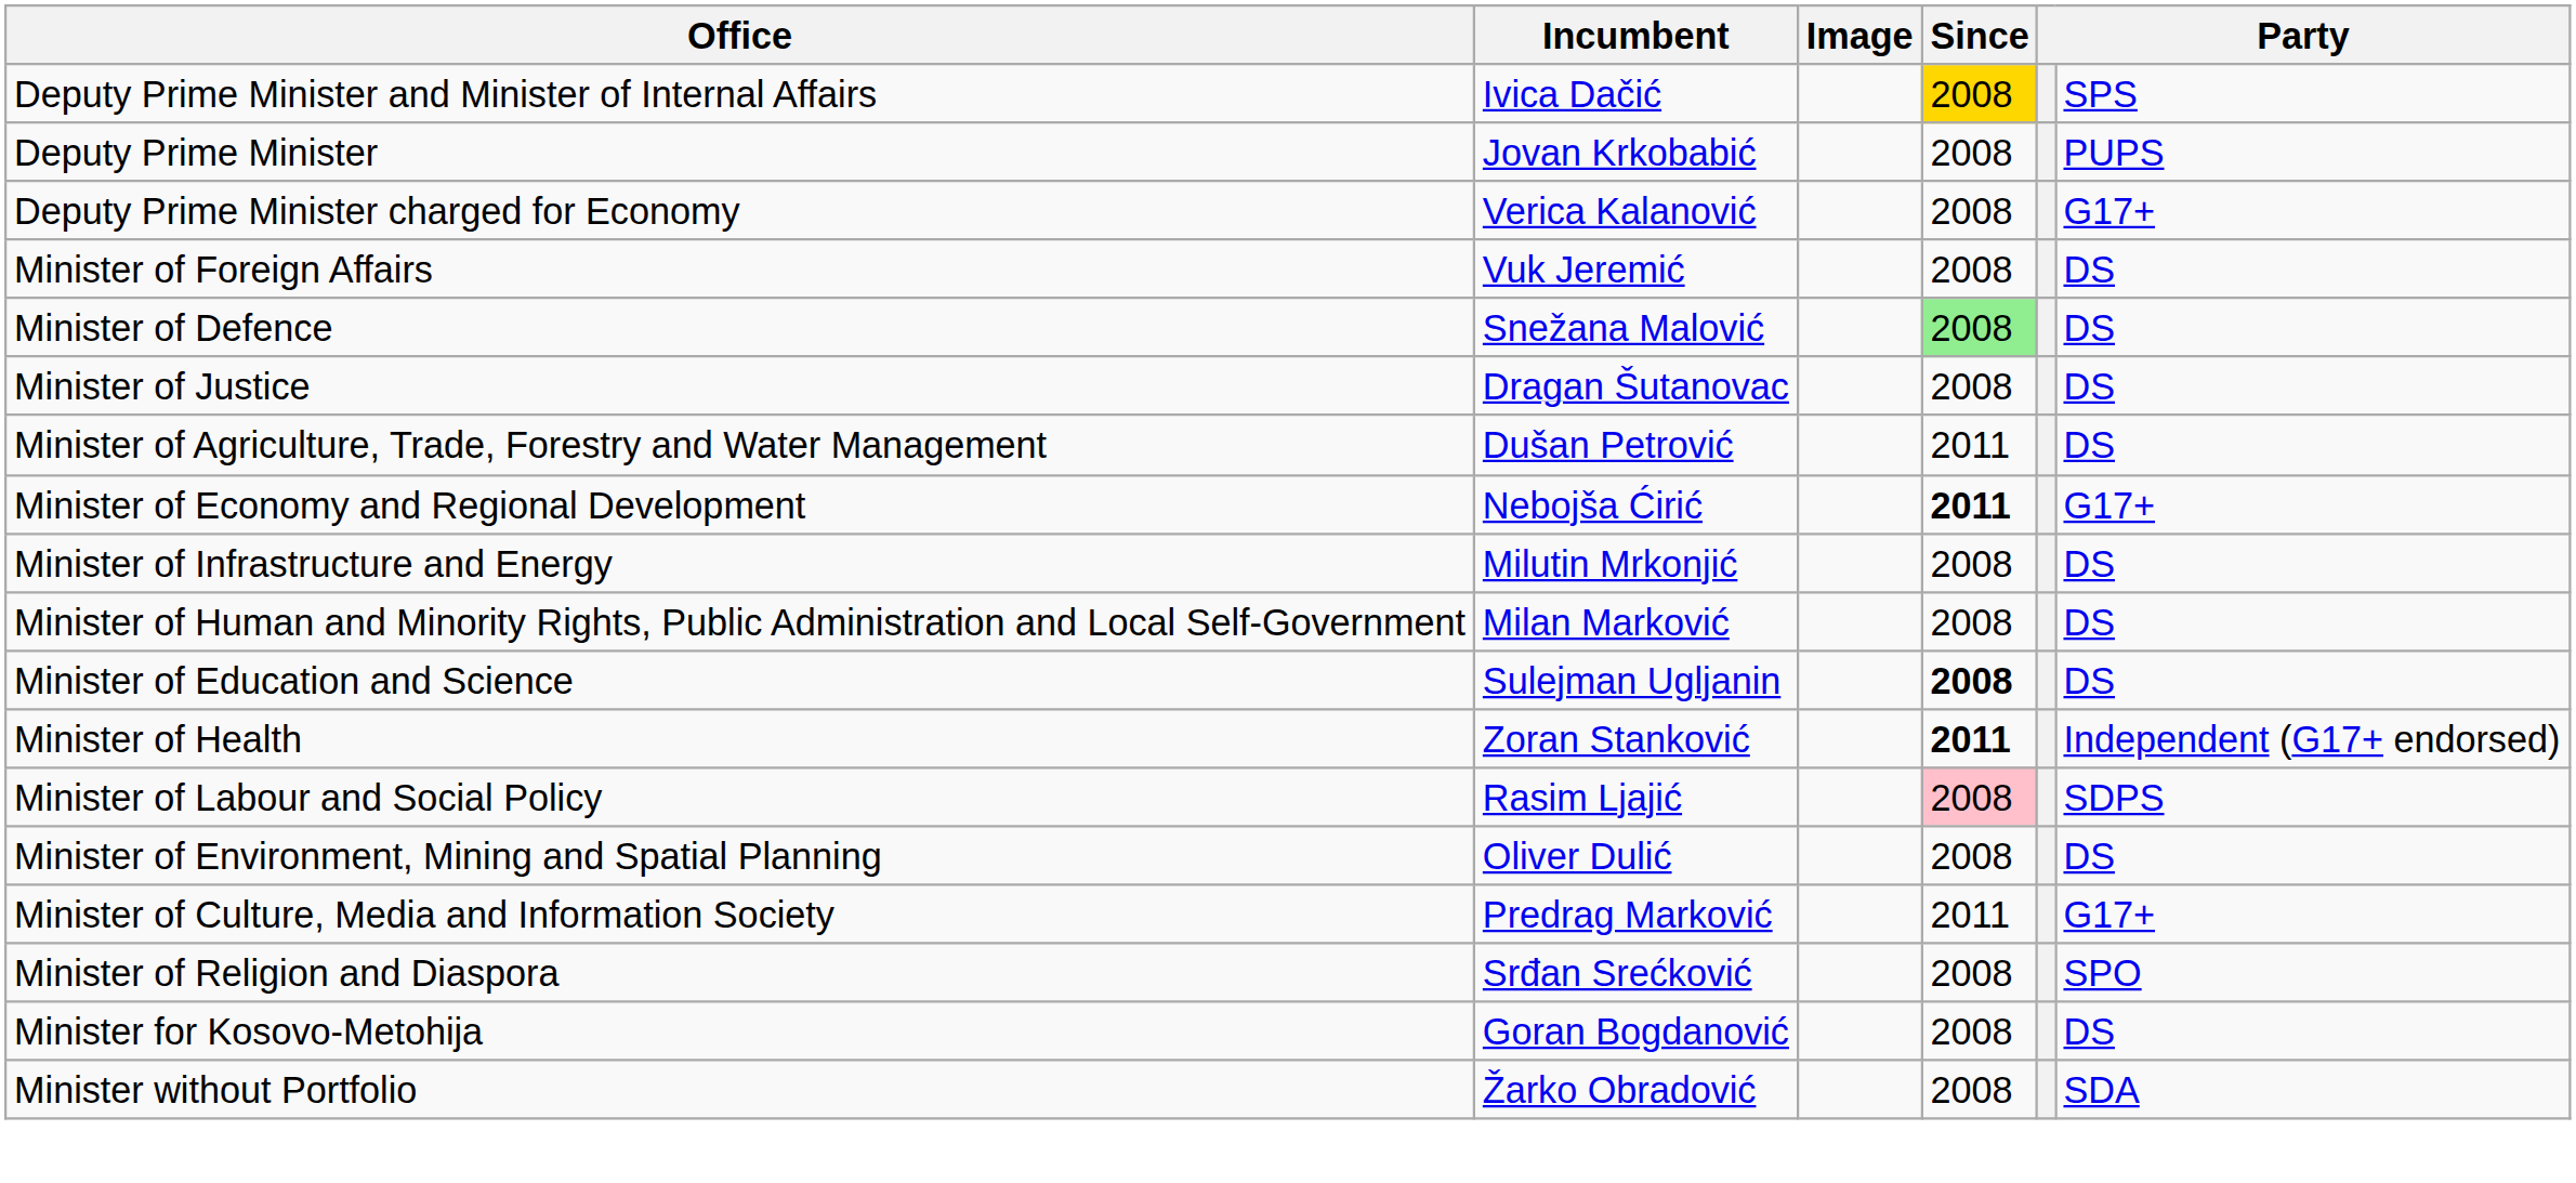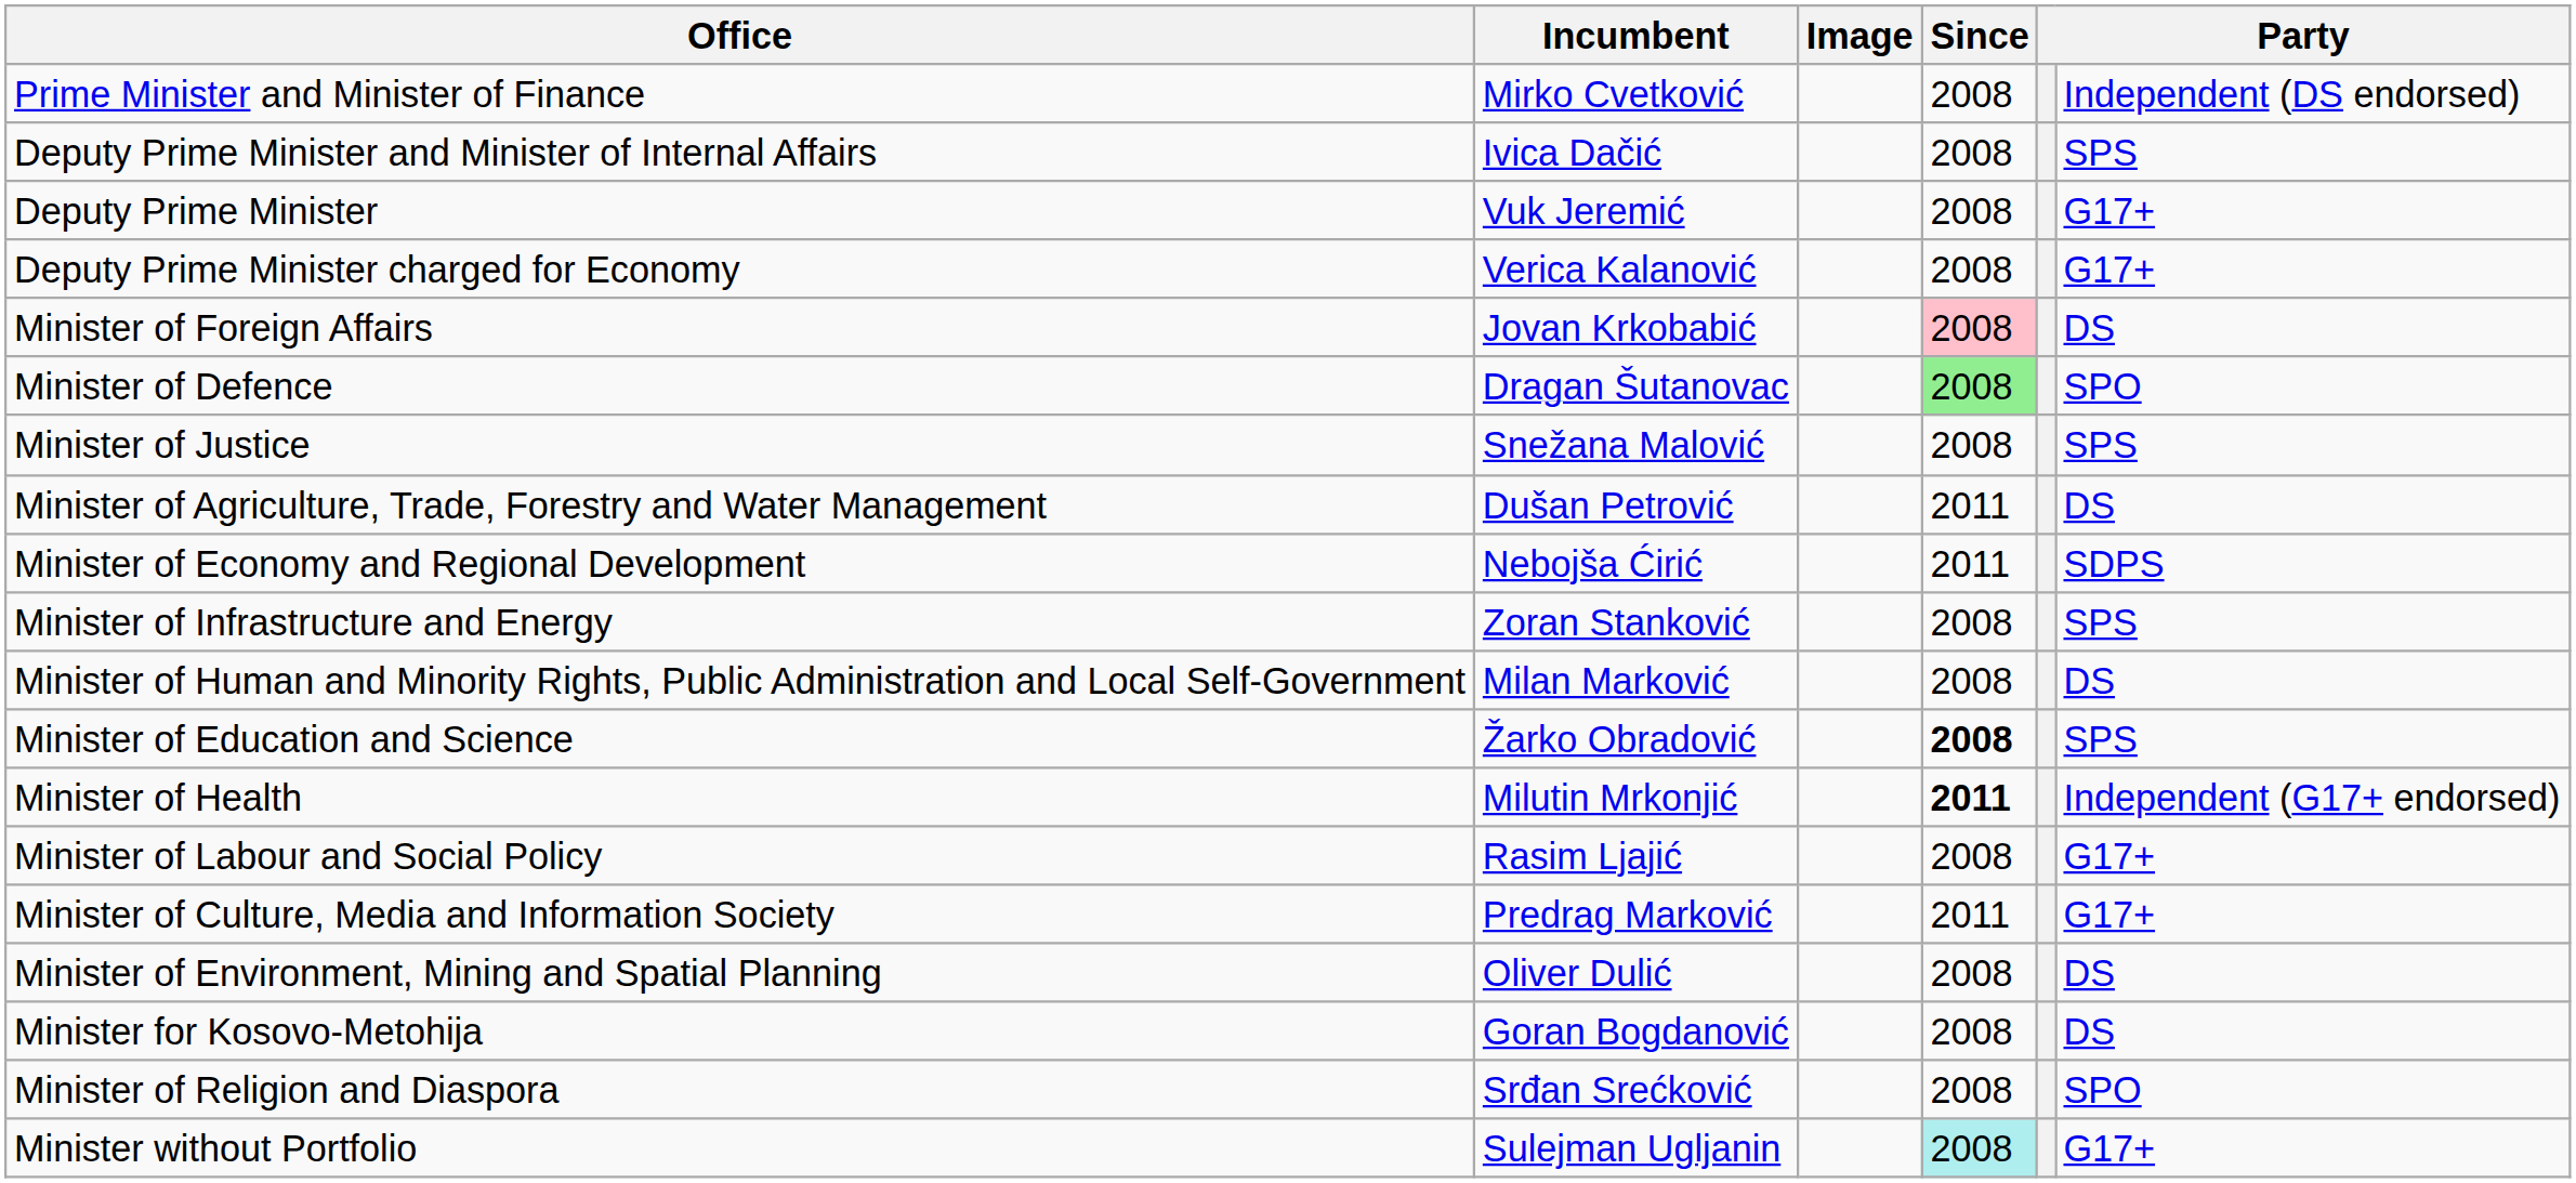 <table class="wikitable" style="font-size: 95%;">
 <tr>
 <th>Office</th>
 <th>Incumbent</th>
 <th>Image</th>
 <th>Since</th>
 <th colspan=2 bgcolor="#CCCCCC">Party</th>
 </tr>
 <tr>
+<td><a href='#'>Prime Minister</a> and Minister of Finance</td>
+<td><a href='#'>Mirko Cvetković</a></td>
+<td></td>
+<td>2008</td>
+<th style="background:"></th>
+<td><a href='#'>Independent</a> (<a href='#'>DS</a> endorsed)</td>
+</tr>
+<tr>
 <td>Deputy Prime Minister and Minister of Internal Affairs</td>
 <td><a href='#'>Ivica Dačić</a></td>
 <td></td>
-<td style="background: gold;">2008</td>
+<td>2008</td>
 <th style="background:"></th>
 <td><a href='#'>SPS</a></td>
 </tr>
 <tr>
 <td>Deputy Prime Minister</td>
-<td><a href='#'>Jovan Krkobabić</a></td>
+<td><a href='#'>Vuk Jeremić</a></td>
 <td></td>
 <td>2008</td>
 <th style="background:"></th>
-<td><a href='#'>PUPS</a></td>
+<td><a href='#'>G17+</a></td>
 </tr>
 <tr>
 <td>Deputy Prime Minister charged for Economy</td>
 <td><a href='#'>Verica Kalanović</a></td>
 <td></td>
 <td>2008</td>
 <th style="background:"></th>
 <td><a href='#'>G17+</a></td>
 </tr>
 <tr>
 <td>Minister of Foreign Affairs</td>
-<td><a href='#'>Vuk Jeremić</a></td>
+<td><a href='#'>Jovan Krkobabić</a></td>
 <td></td>
-<td>2008</td>
+<td style="background: pink;">2008</td>
 <th style="background:"></th>
 <td><a href='#'>DS</a></td>
 </tr>
 <tr>
 <td>Minister of Defence</td>
-<td><a href='#'>Snežana Malović</a></td>
+<td><a href='#'>Dragan Šutanovac</a></td>
 <td></td>
 <td style="background: lightgreen;">2008</td>
 <th style="background:"></th>
-<td><a href='#'>DS</a></td>
+<td><a href='#'>SPO</a></td>
 </tr>
 <tr>
 <td>Minister of Justice</td>
-<td><a href='#'>Dragan Šutanovac</a></td>
+<td><a href='#'>Snežana Malović</a></td>
 <td></td>
 <td>2008</td>
 <th style="background:"></th>
-<td><a href='#'>DS</a></td>
+<td><a href='#'>SPS</a></td>
 </tr>
 <tr>
 <td>Minister of Agriculture, Trade, Forestry and Water Management</td>
 <td><a href='#'>Dušan Petrović</a></td>
 <td></td>
 <td>2011</td>
 <th style="background:"></th>
 <td><a href='#'>DS</a></td>
 </tr>
 <tr>
 <td>Minister of Economy and Regional Development</td>
 <td><a href='#'>Nebojša Ćirić</a></td>
 <td></td>
-<td><strong>2011</strong></td>
+<td>2011</td>
 <th style="background:"></th>
-<td><a href='#'>G17+</a></td>
+<td><a href='#'>SDPS</a></td>
 </tr>
 <tr>
 <td>Minister of Infrastructure and Energy</td>
-<td><a href='#'>Milutin Mrkonjić</a></td>
+<td><a href='#'>Zoran Stanković</a></td>
 <td></td>
 <td>2008</td>
 <th style="background:"></th>
-<td><a href='#'>DS</a></td>
+<td><a href='#'>SPS</a></td>
 </tr>
 <tr>
 <td>Minister of Human and Minority Rights, Public Administration and Local Self-Government</td>
 <td><a href='#'>Milan Marković</a></td>
 <td></td>
 <td>2008</td>
 <th style="background:"></th>
 <td><a href='#'>DS</a></td>
 </tr>
 <tr>
 <td>Minister of Education and Science</td>
-<td><a href='#'>Sulejman Ugljanin</a></td>
+<td><a href='#'>Žarko Obradović</a></td>
 <td></td>
 <td><strong>2008</strong></td>
 <th style="background:"></th>
-<td><a href='#'>DS</a></td>
+<td><a href='#'>SPS</a></td>
 </tr>
 <tr>
 <td>Minister of Health</td>
-<td><a href='#'>Zoran Stanković</a></td>
+<td><a href='#'>Milutin Mrkonjić</a></td>
 <td></td>
 <td><strong>2011</strong></td>
 <th style="background:"></th>
 <td><a href='#'>Independent</a> (<a href='#'>G17+</a> endorsed)</td>
 </tr>
 <tr>
 <td>Minister of Labour and Social Policy</td>
 <td><a href='#'>Rasim Ljajić</a></td>
 <td></td>
-<td style="background: pink;">2008</td>
+<td>2008</td>
 <th style="background:"></th>
-<td><a href='#'>SDPS</a></td>
+<td><a href='#'>G17+</a></td>
+</tr>
+<tr>
+<td>Minister of Culture, Media and Information Society</td>
+<td><a href='#'>Predrag Marković</a></td>
+<td></td>
+<td>2011</td>
+<th style="background:"></th>
+<td><a href='#'>G17+</a></td>
 </tr>
 <tr>
 <td>Minister of Environment, Mining and Spatial Planning</td>
 <td><a href='#'>Oliver Dulić</a></td>
 <td></td>
 <td>2008</td>
 <th style="background:"></th>
 <td><a href='#'>DS</a></td>
 </tr>
 <tr>
-<td>Minister of Culture, Media and Information Society</td>
-<td><a href='#'>Predrag Marković</a></td>
+<td>Minister for Kosovo-Metohija</td>
+<td><a href='#'>Goran Bogdanović</a></td>
 <td></td>
-<td>2011</td>
+<td>2008</td>
 <th style="background:"></th>
-<td><a href='#'>G17+</a></td>
+<td><a href='#'>DS</a></td>
 </tr>
 <tr>
 <td>Minister of Religion and Diaspora</td>
 <td><a href='#'>Srđan Srećković</a></td>
 <td></td>
 <td>2008</td>
 <th style="background:"></th>
 <td><a href='#'>SPO</a></td>
 </tr>
 <tr>
-<td>Minister for Kosovo-Metohija</td>
-<td><a href='#'>Goran Bogdanović</a></td>
+<td>Minister without Portfolio</td>
+<td><a href='#'>Sulejman Ugljanin</a></td>
 <td></td>
-<td>2008</td>
+<td style="background: paleturquoise;">2008</td>
 <th style="background:"></th>
-<td><a href='#'>DS</a></td>
-</tr>
-<tr>
-<td>Minister without Portfolio</td>
-<td><a href='#'>Žarko Obradović</a></td>
-<td></td>
-<td>2008</td>
-<th style="background:"></th>
-<td><a href='#'>SDA</a></td>
+<td><a href='#'>G17+</a></td>
 </tr>
 </table>
